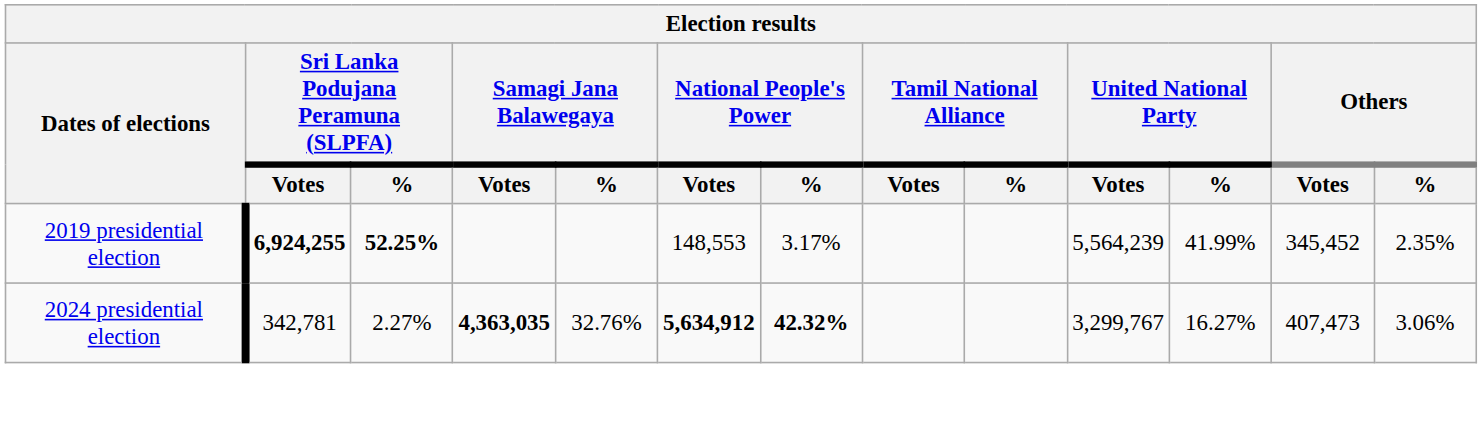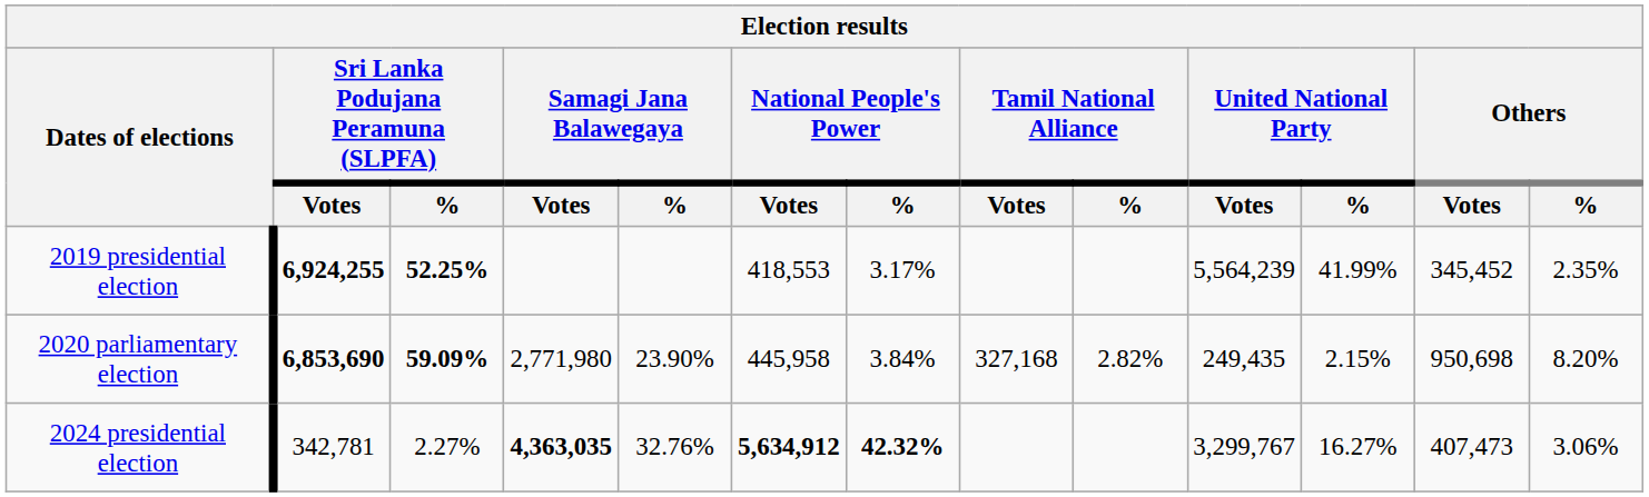 <table class="wikitable" style="margin:1em auto; text-align:center; font-size:90%;">
 <tr>
 <th colspan="13" style="width:800px;">Election results</th>
 </tr>
 <tr>
 <th rowspan="2" style="width: 10em">Dates of elections</th>
 <th colspan="2" style="border-bottom:4px solid "><a href='#'>Sri Lanka Podujana Peramuna</a><br><a href='#'>(SLPFA)</a></th>
 <th colspan="2" style="border-bottom:4px solid "><a href='#'>Samagi Jana Balawegaya</a></th>
 <th colspan="2" style="border-bottom:4px solid "><a href='#'>National People's Power</a></th>
 <th colspan="2" style="border-bottom:4px solid "><a href='#'>Tamil National Alliance</a></th>
 <th colspan="2" style="border-bottom:4px solid "><a href='#'>United National Party</a></th>
 <th colspan="2" style="border-bottom:4px solid grey;">Others</th>
 </tr>
 <tr style="background:#e9e9e9; text-align:center;">
 <th style="width: 4em">Votes</th>
 <th style="width: 4em">%</th>
 <th style="width: 4em">Votes</th>
 <th style="width: 4em">%</th>
 <th style="width: 4em">Votes</th>
 <th style="width: 4em">%</th>
 <th style="width: 4em">Votes</th>
 <th style="width: 4em">%</th>
 <th style="width: 4em">Votes</th>
 <th style="width: 4em">%</th>
 <th style="width: 4em">Votes</th>
 <th style="width: 4em">%</th>
 </tr>
 <tr style="height:50px">
 <td style="border-right:5px solid "><a href='#'>2019 presidential election</a></td>
 <td style="font-weight:bold;">6,924,255</td>
 <td style="font-weight:bold;">52.25%</td>
 <td></td>
 <td></td>
-<td>148,553</td>
+<td>418,553</td>
 <td>3.17%</td>
 <td></td>
 <td></td>
 <td>5,564,239</td>
 <td>41.99%</td>
 <td>345,452</td>
 <td>2.35%</td>
+</tr>
+<tr style="height:50px">
+<td style="border-right:5px solid "><a href='#'>2020 parliamentary election</a></td>
+<td style="font-weight:bold;">6,853,690</td>
+<td style="font-weight:bold;">59.09%</td>
+<td>2,771,980</td>
+<td>23.90%</td>
+<td>445,958</td>
+<td>3.84%</td>
+<td>327,168</td>
+<td>2.82%</td>
+<td>249,435</td>
+<td>2.15%</td>
+<td>950,698</td>
+<td>8.20%</td>
 </tr>
 <tr style="height:50px">
 <td style="border-right:5px solid "><a href='#'>2024 presidential election</a></td>
 <td>342,781</td>
 <td>2.27%</td>
 <td><strong>4,363,035</strong></td>
 <td>32.76%</td>
 <td style="font-weight:bold;">5,634,912</td>
 <td style="font-weight:bold;">42.32%</td>
 <td></td>
 <td></td>
 <td>3,299,767</td>
 <td>16.27%</td>
 <td>407,473</td>
 <td>3.06%</td>
 </tr>
 </table>
